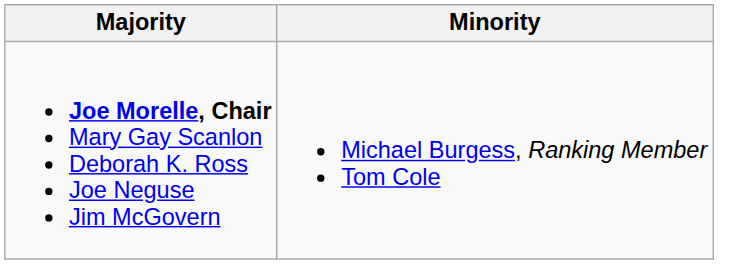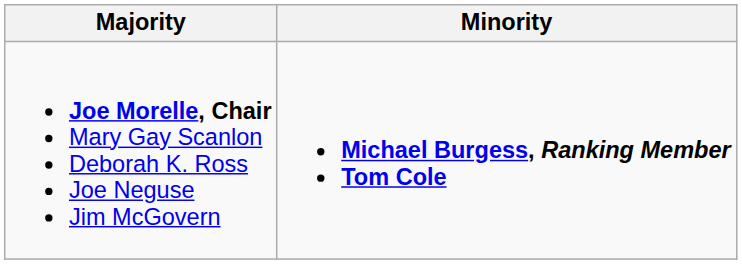 <table class="wikitable">
 <tr>
 <th>Majority</th>
 <th>Minority</th>
 </tr>
 <tr>
 <td><br><ul><li><strong><a href='#'>Joe Morelle</a>, Chair</strong></li><li><a href='#'>Mary Gay Scanlon</a></li><li><a href='#'>Deborah K. Ross</a></li><li><a href='#'>Joe Neguse</a></li><li><a href='#'>Jim McGovern</a></li></ul></td>
-<td><br><ul><li><a href='#'>Michael Burgess</a>, <em>Ranking Member</em></li><li><a href='#'>Tom Cole</a></li></ul></td>
+<td><strong><br><ul><li><a href='#'>Michael Burgess</a>, <em>Ranking Member</em></li><li><a href='#'>Tom Cole</a></li></ul></strong></td>
 </tr>
 </table>
